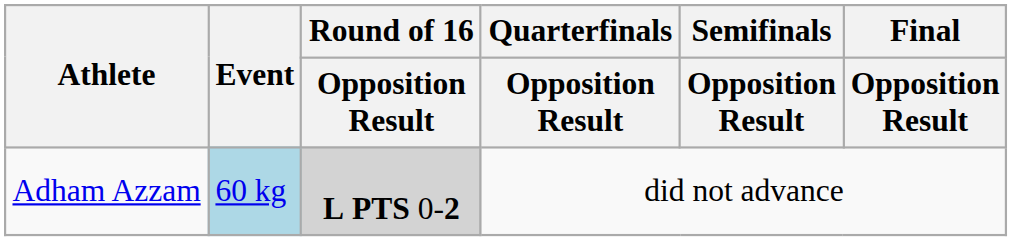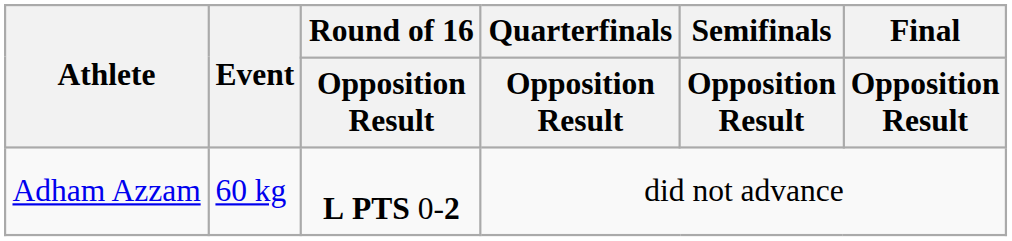 <table class="wikitable" border="1" style="font-size:90%">
 <tr>
 <th rowspan=2>Athlete</th>
 <th rowspan=2>Event</th>
 <th>Round of 16</th>
 <th>Quarterfinals</th>
 <th>Semifinals</th>
 <th>Final</th>
 </tr>
 <tr>
 <th>Opposition<br>Result</th>
 <th>Opposition<br>Result</th>
 <th>Opposition<br>Result</th>
 <th>Opposition<br>Result</th>
 </tr>
 <tr>
 <td><a href='#'>Adham Azzam</a></td>
-<td style="background: lightblue;"><a href='#'>60 kg</a></td>
-<td align=center style="background: lightgrey;"><br><strong>L</strong> <strong>PTS</strong> 0-<strong>2</strong></td>
+<td><a href='#'>60 kg</a></td>
+<td align=center><br><strong>L</strong> <strong>PTS</strong> 0-<strong>2</strong></td>
 <td align=center colspan="7">did not advance</td>
 </tr>
 </table>
